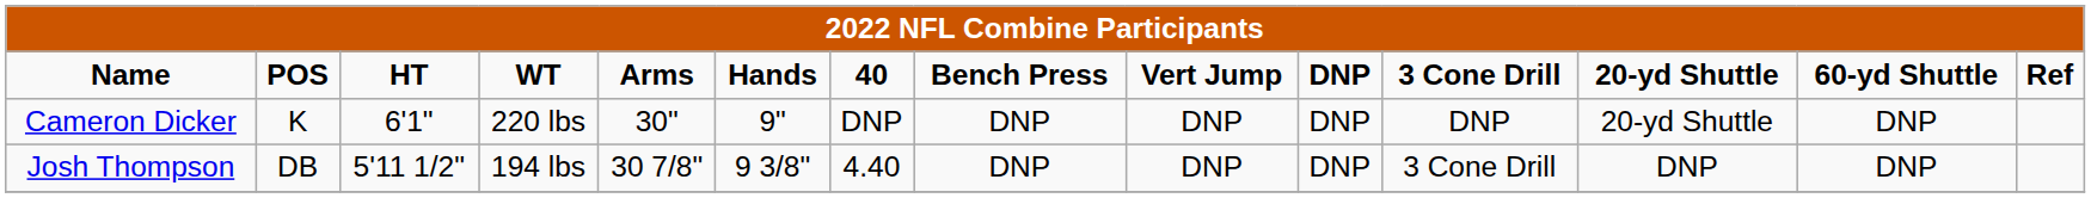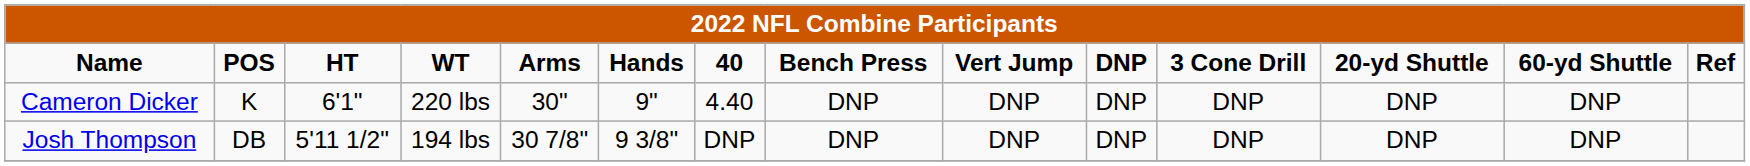 <table class="wikitable sortable" style="width:90%; text-align:center;">
 <tr style="font-weight:bold; background:#CC5500; color:#FFFFFF;">
 <td colspan="14">2022 NFL Combine Participants</td>
 </tr>
 <tr style="font-weight:bold;">
 <td>Name</td>
 <td>POS</td>
 <td>HT</td>
 <td>WT</td>
 <td>Arms</td>
 <td>Hands</td>
 <td>40</td>
 <td>Bench Press</td>
 <td>Vert Jump</td>
 <td>DNP</td>
 <td>3 Cone Drill</td>
 <td>20-yd Shuttle</td>
 <td>60-yd Shuttle</td>
 <td>Ref</td>
 </tr>
 <tr>
 <td><a href='#'>Cameron Dicker</a></td>
 <td>K</td>
 <td>6'1"</td>
 <td>220 lbs</td>
 <td>30"</td>
 <td>9"</td>
+<td>4.40</td>
 <td>DNP</td>
 <td>DNP</td>
 <td>DNP</td>
 <td>DNP</td>
 <td>DNP</td>
-<td>20-yd Shuttle</td>
 <td>DNP</td>
 <td></td>
 </tr>
 <tr>
 <td><a href='#'>Josh Thompson</a></td>
 <td>DB</td>
 <td>5'11 1/2"</td>
 <td>194 lbs</td>
 <td>30 7/8"</td>
 <td>9 3/8"</td>
-<td>4.40</td>
 <td>DNP</td>
 <td>DNP</td>
 <td>DNP</td>
-<td>3 Cone Drill</td>
+<td>DNP</td>
+<td>DNP</td>
 <td>DNP</td>
 <td>DNP</td>
 <td></td>
 </tr>
 <tr>
 </tr>
 </table>
